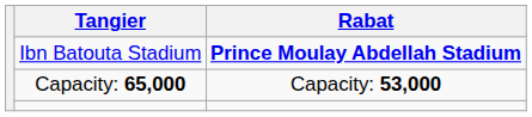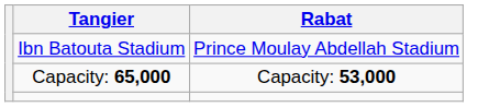 <table class="wikitable" style="text-align:center">
 <tr>
 <th rowspan="4"></th>
 <th><a href='#'>Tangier</a></th>
 <th><a href='#'>Rabat</a></th>
 </tr>
 <tr>
 <td><a href='#'>Ibn Batouta Stadium</a></td>
-<td><strong><a href='#'>Prince Moulay Abdellah Stadium</a></strong></td>
+<td><a href='#'>Prince Moulay Abdellah Stadium</a></td>
 </tr>
 <tr>
 <td>Capacity: <strong>65,000</strong></td>
 <td>Capacity: <strong>53,000</strong></td>
 </tr>
 <tr>
 <td></td>
 <td></td>
 </tr>
 </table>
